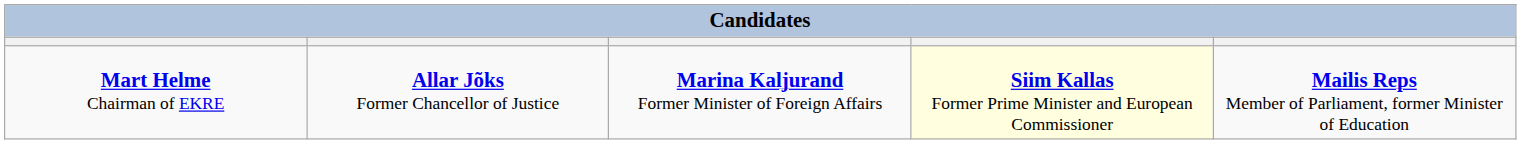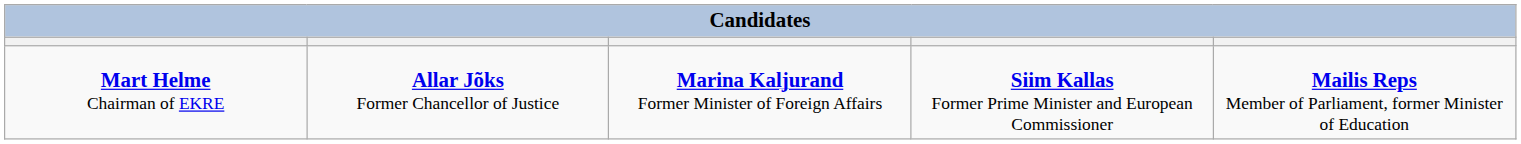 <table class="wikitable" style="font-size:90%">
 <tr>
 <th style="background:#B0C4DE" colspan="5"><big>Candidates</big></th>
 </tr>
 <tr>
 <th scope="col" style="width:20%;"></th>
 <th scope="col" style="width:20%;"></th>
 <th scope="col" style="width:20%;"></th>
 <th scope="col" style="width:20%;"></th>
 <th scope="col" style="width:20%;"></th>
 </tr>
 <tr>
 <td style="vertical-align: top; text-align: center;"><br><big><strong><a href='#'>Mart Helme</a></strong></big><br>Chairman of <a href='#'>EKRE</a></td>
 <td style="vertical-align: top; text-align: center;"><br><big><strong><a href='#'>Allar Jõks</a></strong></big><br>Former Chancellor of Justice</td>
 <td style="vertical-align: top; text-align: center;"><br><big><strong><a href='#'>Marina Kaljurand</a></strong></big><br>Former Minister of Foreign Affairs</td>
-<td style="background: lightyellow; vertical-align: top; text-align: center;"><br><big><strong><a href='#'>Siim Kallas</a></strong></big><br>Former Prime Minister and European Commissioner</td>
+<td style="vertical-align: top; text-align: center;"><br><big><strong><a href='#'>Siim Kallas</a></strong></big><br>Former Prime Minister and European Commissioner</td>
 <td style="vertical-align: top; text-align: center;"><br><big><strong><a href='#'>Mailis Reps</a></strong></big><br>Member of Parliament, former Minister of Education</td>
 </tr>
 </table>
